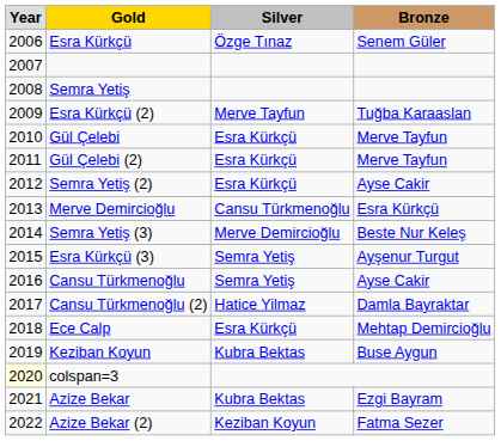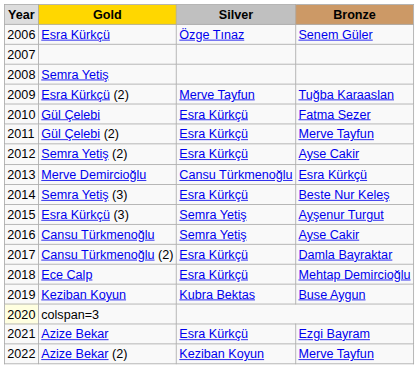 <table class="wikitable sortable" style="font-size:95%">
 <tr style="text-align:center; background:#e4e4e4; font-weight:bold;">
 <td style="background:#ddd; ">Year</td>
 <td style="background:gold; ">Gold</td>
 <td style="background:silver; ">Silver</td>
 <td style="background:#c96; ">Bronze</td>
 </tr>
 <tr>
 <td>2006</td>
 <td><a href='#'>Esra Kürkçü</a></td>
 <td><a href='#'>Özge Tınaz</a></td>
 <td><a href='#'>Senem Güler</a></td>
 </tr>
 <tr>
 <td>2007</td>
 <td></td>
 <td></td>
 <td></td>
 </tr>
 <tr>
 <td>2008</td>
 <td><a href='#'>Semra Yetiş</a></td>
 <td></td>
 <td></td>
 </tr>
 <tr>
 <td>2009</td>
 <td><a href='#'>Esra Kürkçü</a> (2)</td>
 <td><a href='#'>Merve Tayfun</a></td>
 <td><a href='#'>Tuğba Karaaslan</a></td>
 </tr>
 <tr>
 <td>2010</td>
 <td><a href='#'>Gül Çelebi</a></td>
 <td><a href='#'>Esra Kürkçü</a></td>
-<td><a href='#'>Merve Tayfun</a></td>
+<td><a href='#'>Fatma Sezer</a></td>
 </tr>
 <tr>
 <td>2011</td>
 <td><a href='#'>Gül Çelebi</a> (2)</td>
 <td><a href='#'>Esra Kürkçü</a></td>
 <td><a href='#'>Merve Tayfun</a></td>
 </tr>
 <tr>
 <td>2012</td>
 <td><a href='#'>Semra Yetiş</a> (2)</td>
 <td><a href='#'>Esra Kürkçü</a></td>
 <td><a href='#'>Ayse Cakir</a></td>
 </tr>
 <tr>
 <td>2013</td>
 <td><a href='#'>Merve Demircioğlu</a></td>
 <td><a href='#'>Cansu Türkmenoğlu</a></td>
 <td><a href='#'>Esra Kürkçü</a></td>
 </tr>
 <tr>
 <td>2014</td>
 <td><a href='#'>Semra Yetiş</a> (3)</td>
-<td><a href='#'>Merve Demircioğlu</a></td>
+<td><a href='#'>Esra Kürkçü</a></td>
 <td><a href='#'>Beste Nur Keleş</a></td>
 </tr>
 <tr>
 <td>2015</td>
 <td><a href='#'>Esra Kürkçü</a> (3)</td>
 <td><a href='#'>Semra Yetiş</a></td>
 <td><a href='#'>Ayşenur Turgut</a></td>
 </tr>
 <tr>
 <td>2016</td>
 <td><a href='#'>Cansu Türkmenoğlu</a></td>
 <td><a href='#'>Semra Yetiş</a></td>
 <td><a href='#'>Ayse Cakir</a></td>
 </tr>
 <tr>
 <td>2017</td>
 <td><a href='#'>Cansu Türkmenoğlu</a> (2)</td>
-<td><a href='#'>Hatice Yilmaz</a></td>
+<td><a href='#'>Esra Kürkçü</a></td>
 <td><a href='#'>Damla Bayraktar</a></td>
 </tr>
 <tr>
 <td>2018</td>
 <td><a href='#'>Ece Calp</a></td>
 <td><a href='#'>Esra Kürkçü</a></td>
 <td><a href='#'>Mehtap Demircioğlu</a></td>
 </tr>
 <tr>
 <td>2019</td>
 <td><a href='#'>Keziban Koyun</a></td>
 <td><a href='#'>Kubra Bektas</a></td>
 <td><a href='#'>Buse Aygun</a></td>
 </tr>
 <tr>
 <td style="background: lightyellow;">2020</td>
 <td>colspan=3 </td>
 </tr>
 <tr>
 <td>2021</td>
 <td><a href='#'>Azize Bekar</a></td>
-<td><a href='#'>Kubra Bektas</a></td>
+<td><a href='#'>Esra Kürkçü</a></td>
 <td><a href='#'>Ezgi Bayram</a></td>
 </tr>
 <tr>
 <td>2022</td>
 <td><a href='#'>Azize Bekar</a> (2)</td>
 <td><a href='#'>Keziban Koyun</a></td>
-<td><a href='#'>Fatma Sezer</a></td>
+<td><a href='#'>Merve Tayfun</a></td>
 </tr>
 </table>
